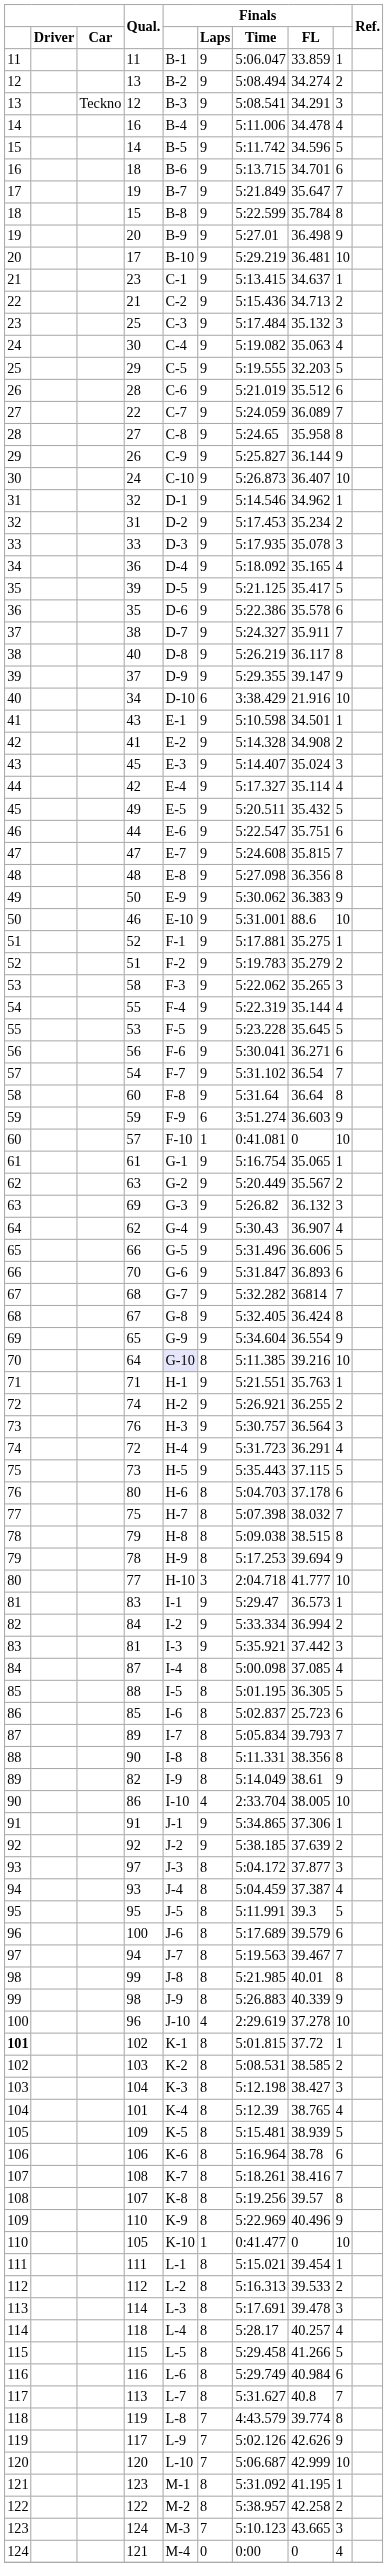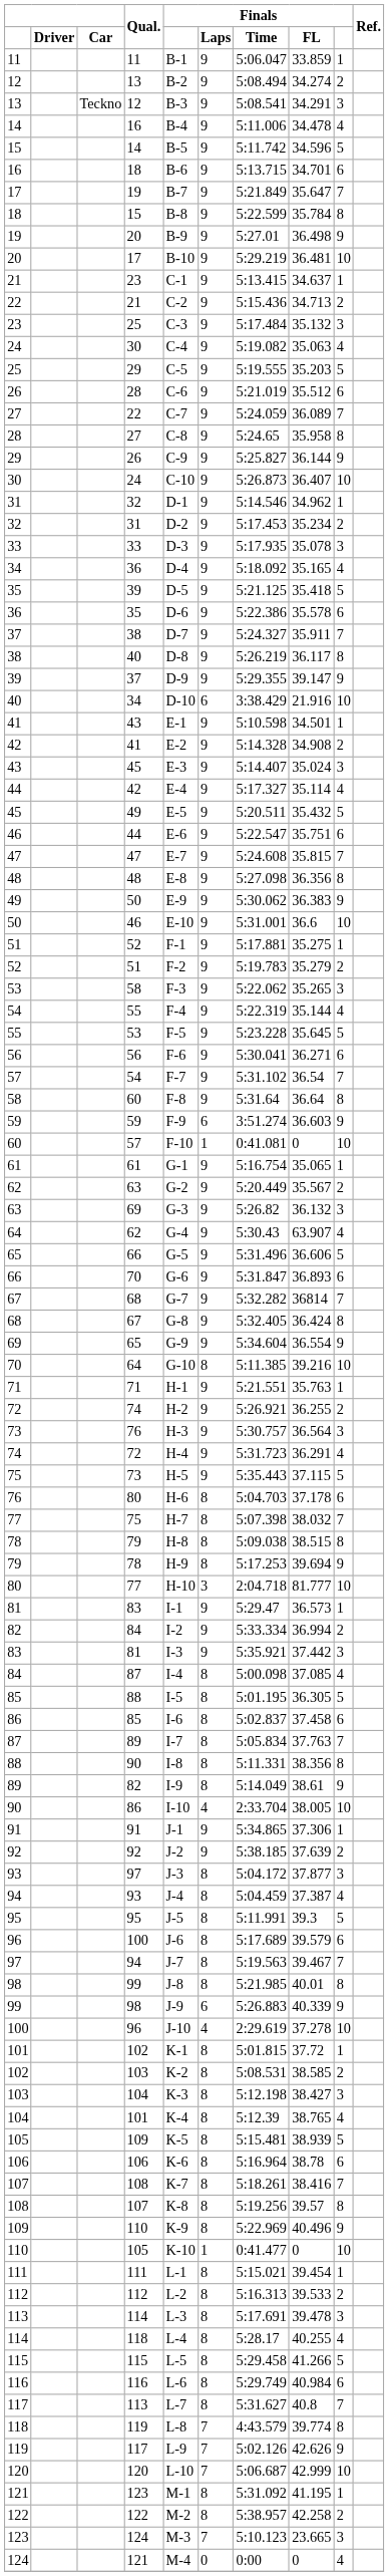 <table border="2" cellpadding="2" cellspacing="0" style="margin:0 1em 0 0; border:1px #aaa solid; border-collapse:collapse; font-size:85%;">
 <tr>
 <th colspan="3"></th>
 <th rowspan="2" style="text-align:center;">Qual.</th>
 <th colspan="5" style="text-align:center;">Finals</th>
 <th rowspan="2" style="text-align:center;">Ref.</th>
 </tr>
 <tr>
 <th style="text-align:center;"></th>
 <th style="text-align:center;">Driver</th>
 <th style="text-align:center;">Car</th>
 <th style="text-align:center;"></th>
 <th style="text-align:center;">Laps</th>
 <th style="text-align:center;">Time</th>
 <th style="text-align:center;">FL</th>
 </tr>
 <tr>
 <td>11</td>
 <td></td>
 <td></td>
 <td>11</td>
 <td>B-1</td>
 <td>9</td>
 <td>5:06.047</td>
 <td>33.859</td>
 <td>1</td>
 <td></td>
 </tr>
 <tr>
 <td>12</td>
 <td></td>
 <td></td>
 <td>13</td>
 <td>B-2</td>
 <td>9</td>
 <td>5:08.494</td>
 <td>34.274</td>
 <td>2</td>
 <td></td>
 </tr>
 <tr>
 <td>13</td>
 <td></td>
 <td>Teckno</td>
 <td>12</td>
 <td>B-3</td>
 <td>9</td>
 <td>5:08.541</td>
 <td>34.291</td>
 <td>3</td>
 <td></td>
 </tr>
 <tr>
 <td>14</td>
 <td></td>
 <td></td>
 <td>16</td>
 <td>B-4</td>
 <td>9</td>
 <td>5:11.006</td>
 <td>34.478</td>
 <td>4</td>
 <td></td>
 </tr>
 <tr>
 <td>15</td>
 <td></td>
 <td></td>
 <td>14</td>
 <td>B-5</td>
 <td>9</td>
 <td>5:11.742</td>
 <td>34.596</td>
 <td>5</td>
 <td></td>
 </tr>
 <tr>
 <td>16</td>
 <td></td>
 <td></td>
 <td>18</td>
 <td>B-6</td>
 <td>9</td>
 <td>5:13.715</td>
 <td>34.701</td>
 <td>6</td>
 <td></td>
 </tr>
 <tr>
 <td>17</td>
 <td></td>
 <td></td>
 <td>19</td>
 <td>B-7</td>
 <td>9</td>
 <td>5:21.849</td>
 <td>35.647</td>
 <td>7</td>
 <td></td>
 </tr>
 <tr>
 <td>18</td>
 <td></td>
 <td></td>
 <td>15</td>
 <td>B-8</td>
 <td>9</td>
 <td>5:22.599</td>
 <td>35.784</td>
 <td>8</td>
 <td></td>
 </tr>
 <tr>
 <td>19</td>
 <td></td>
 <td></td>
 <td>20</td>
 <td>B-9</td>
 <td>9</td>
 <td>5:27.01</td>
 <td>36.498</td>
 <td>9</td>
 <td></td>
 </tr>
 <tr>
 <td>20</td>
 <td></td>
 <td></td>
 <td>17</td>
 <td>B-10</td>
 <td>9</td>
 <td>5:29.219</td>
 <td>36.481</td>
 <td>10</td>
 <td></td>
 </tr>
 <tr>
 <td>21</td>
 <td></td>
 <td></td>
 <td>23</td>
 <td>C-1</td>
 <td>9</td>
 <td>5:13.415</td>
 <td>34.637</td>
 <td>1</td>
 <td></td>
 </tr>
 <tr>
 <td>22</td>
 <td></td>
 <td></td>
 <td>21</td>
 <td>C-2</td>
 <td>9</td>
 <td>5:15.436</td>
 <td>34.713</td>
 <td>2</td>
 <td></td>
 </tr>
 <tr>
 <td>23</td>
 <td></td>
 <td></td>
 <td>25</td>
 <td>C-3</td>
 <td>9</td>
 <td>5:17.484</td>
 <td>35.132</td>
 <td>3</td>
 <td></td>
 </tr>
 <tr>
 <td>24</td>
 <td></td>
 <td></td>
 <td>30</td>
 <td>C-4</td>
 <td>9</td>
 <td>5:19.082</td>
 <td>35.063</td>
 <td>4</td>
 <td></td>
 </tr>
 <tr>
 <td>25</td>
 <td></td>
 <td></td>
 <td>29</td>
 <td>C-5</td>
 <td>9</td>
 <td>5:19.555</td>
-<td>32.203</td>
+<td>35.203</td>
 <td>5</td>
 <td></td>
 </tr>
 <tr>
 <td>26</td>
 <td></td>
 <td></td>
 <td>28</td>
 <td>C-6</td>
 <td>9</td>
 <td>5:21.019</td>
 <td>35.512</td>
 <td>6</td>
 <td></td>
 </tr>
 <tr>
 <td>27</td>
 <td></td>
 <td></td>
 <td>22</td>
 <td>C-7</td>
 <td>9</td>
 <td>5:24.059</td>
 <td>36.089</td>
 <td>7</td>
 <td></td>
 </tr>
 <tr>
 <td>28</td>
 <td></td>
 <td></td>
 <td>27</td>
 <td>C-8</td>
 <td>9</td>
 <td>5:24.65</td>
 <td>35.958</td>
 <td>8</td>
 <td></td>
 </tr>
 <tr>
 <td>29</td>
 <td></td>
 <td></td>
 <td>26</td>
 <td>C-9</td>
 <td>9</td>
 <td>5:25.827</td>
 <td>36.144</td>
 <td>9</td>
 <td></td>
 </tr>
 <tr>
 <td>30</td>
 <td></td>
 <td></td>
 <td>24</td>
 <td>C-10</td>
 <td>9</td>
 <td>5:26.873</td>
 <td>36.407</td>
 <td>10</td>
 <td></td>
 </tr>
 <tr>
 <td>31</td>
 <td></td>
 <td></td>
 <td>32</td>
 <td>D-1</td>
 <td>9</td>
 <td>5:14.546</td>
 <td>34.962</td>
 <td>1</td>
 <td></td>
 </tr>
 <tr>
 <td>32</td>
 <td></td>
 <td></td>
 <td>31</td>
 <td>D-2</td>
 <td>9</td>
 <td>5:17.453</td>
 <td>35.234</td>
 <td>2</td>
 <td></td>
 </tr>
 <tr>
 <td>33</td>
 <td></td>
 <td></td>
 <td>33</td>
 <td>D-3</td>
 <td>9</td>
 <td>5:17.935</td>
 <td>35.078</td>
 <td>3</td>
 <td></td>
 </tr>
 <tr>
 <td>34</td>
 <td></td>
 <td></td>
 <td>36</td>
 <td>D-4</td>
 <td>9</td>
 <td>5:18.092</td>
 <td>35.165</td>
 <td>4</td>
 <td></td>
 </tr>
 <tr>
 <td>35</td>
 <td></td>
 <td></td>
 <td>39</td>
 <td>D-5</td>
 <td>9</td>
 <td>5:21.125</td>
-<td>35.417</td>
+<td>35.418</td>
 <td>5</td>
 <td></td>
 </tr>
 <tr>
 <td>36</td>
 <td></td>
 <td></td>
 <td>35</td>
 <td>D-6</td>
 <td>9</td>
 <td>5:22.386</td>
 <td>35.578</td>
 <td>6</td>
 <td></td>
 </tr>
 <tr>
 <td>37</td>
 <td></td>
 <td></td>
 <td>38</td>
 <td>D-7</td>
 <td>9</td>
 <td>5:24.327</td>
 <td>35.911</td>
 <td>7</td>
 <td></td>
 </tr>
 <tr>
 <td>38</td>
 <td></td>
 <td></td>
 <td>40</td>
 <td>D-8</td>
 <td>9</td>
 <td>5:26.219</td>
 <td>36.117</td>
 <td>8</td>
 <td></td>
 </tr>
 <tr>
 <td>39</td>
 <td></td>
 <td></td>
 <td>37</td>
 <td>D-9</td>
 <td>9</td>
 <td>5:29.355</td>
 <td>39.147</td>
 <td>9</td>
 <td></td>
 </tr>
 <tr>
 <td>40</td>
 <td></td>
 <td></td>
 <td>34</td>
 <td>D-10</td>
 <td>6</td>
 <td>3:38.429</td>
 <td>21.916</td>
 <td>10</td>
 <td></td>
 </tr>
 <tr>
 <td>41</td>
 <td></td>
 <td></td>
 <td>43</td>
 <td>E-1</td>
 <td>9</td>
 <td>5:10.598</td>
 <td>34.501</td>
 <td>1</td>
 <td></td>
 </tr>
 <tr>
 <td>42</td>
 <td></td>
 <td></td>
 <td>41</td>
 <td>E-2</td>
 <td>9</td>
 <td>5:14.328</td>
 <td>34.908</td>
 <td>2</td>
 <td></td>
 </tr>
 <tr>
 <td>43</td>
 <td></td>
 <td></td>
 <td>45</td>
 <td>E-3</td>
 <td>9</td>
 <td>5:14.407</td>
 <td>35.024</td>
 <td>3</td>
 <td></td>
 </tr>
 <tr>
 <td>44</td>
 <td></td>
 <td></td>
 <td>42</td>
 <td>E-4</td>
 <td>9</td>
 <td>5:17.327</td>
 <td>35.114</td>
 <td>4</td>
 <td></td>
 </tr>
 <tr>
 <td>45</td>
 <td></td>
 <td></td>
 <td>49</td>
 <td>E-5</td>
 <td>9</td>
 <td>5:20.511</td>
 <td>35.432</td>
 <td>5</td>
 <td></td>
 </tr>
 <tr>
 <td>46</td>
 <td></td>
 <td></td>
 <td>44</td>
 <td>E-6</td>
 <td>9</td>
 <td>5:22.547</td>
 <td>35.751</td>
 <td>6</td>
 <td></td>
 </tr>
 <tr>
 <td>47</td>
 <td></td>
 <td></td>
 <td>47</td>
 <td>E-7</td>
 <td>9</td>
 <td>5:24.608</td>
 <td>35.815</td>
 <td>7</td>
 <td></td>
 </tr>
 <tr>
 <td>48</td>
 <td></td>
 <td></td>
 <td>48</td>
 <td>E-8</td>
 <td>9</td>
 <td>5:27.098</td>
 <td>36.356</td>
 <td>8</td>
 <td></td>
 </tr>
 <tr>
 <td>49</td>
 <td></td>
 <td></td>
 <td>50</td>
 <td>E-9</td>
 <td>9</td>
 <td>5:30.062</td>
 <td>36.383</td>
 <td>9</td>
 <td></td>
 </tr>
 <tr>
 <td>50</td>
 <td></td>
 <td></td>
 <td>46</td>
 <td>E-10</td>
 <td>9</td>
 <td>5:31.001</td>
-<td>88.6</td>
+<td>36.6</td>
 <td>10</td>
 <td></td>
 </tr>
 <tr>
 <td>51</td>
 <td></td>
 <td></td>
 <td>52</td>
 <td>F-1</td>
 <td>9</td>
 <td>5:17.881</td>
 <td>35.275</td>
 <td>1</td>
 <td></td>
 </tr>
 <tr>
 <td>52</td>
 <td></td>
 <td></td>
 <td>51</td>
 <td>F-2</td>
 <td>9</td>
 <td>5:19.783</td>
 <td>35.279</td>
 <td>2</td>
 <td></td>
 </tr>
 <tr>
 <td>53</td>
 <td></td>
 <td></td>
 <td>58</td>
 <td>F-3</td>
 <td>9</td>
 <td>5:22.062</td>
 <td>35.265</td>
 <td>3</td>
 <td></td>
 </tr>
 <tr>
 <td>54</td>
 <td></td>
 <td></td>
 <td>55</td>
 <td>F-4</td>
 <td>9</td>
 <td>5:22.319</td>
 <td>35.144</td>
 <td>4</td>
 <td></td>
 </tr>
 <tr>
 <td>55</td>
 <td></td>
 <td></td>
 <td>53</td>
 <td>F-5</td>
 <td>9</td>
 <td>5:23.228</td>
 <td>35.645</td>
 <td>5</td>
 <td></td>
 </tr>
 <tr>
 <td>56</td>
 <td></td>
 <td></td>
 <td>56</td>
 <td>F-6</td>
 <td>9</td>
 <td>5:30.041</td>
 <td>36.271</td>
 <td>6</td>
 <td></td>
 </tr>
 <tr>
 <td>57</td>
 <td></td>
 <td></td>
 <td>54</td>
 <td>F-7</td>
 <td>9</td>
 <td>5:31.102</td>
 <td>36.54</td>
 <td>7</td>
 <td></td>
 </tr>
 <tr>
 <td>58</td>
 <td></td>
 <td></td>
 <td>60</td>
 <td>F-8</td>
 <td>9</td>
 <td>5:31.64</td>
 <td>36.64</td>
 <td>8</td>
 <td></td>
 </tr>
 <tr>
 <td>59</td>
 <td></td>
 <td></td>
 <td>59</td>
 <td>F-9</td>
 <td>6</td>
 <td>3:51.274</td>
 <td>36.603</td>
 <td>9</td>
 <td></td>
 </tr>
 <tr>
 <td>60</td>
 <td></td>
 <td></td>
 <td>57</td>
 <td>F-10</td>
 <td>1</td>
 <td>0:41.081</td>
 <td>0</td>
 <td>10</td>
 <td></td>
 </tr>
 <tr>
 <td>61</td>
 <td></td>
 <td></td>
 <td>61</td>
 <td>G-1</td>
 <td>9</td>
 <td>5:16.754</td>
 <td>35.065</td>
 <td>1</td>
 <td></td>
 </tr>
 <tr>
 <td>62</td>
 <td></td>
 <td></td>
 <td>63</td>
 <td>G-2</td>
 <td>9</td>
 <td>5:20.449</td>
 <td>35.567</td>
 <td>2</td>
 <td></td>
 </tr>
 <tr>
 <td>63</td>
 <td></td>
 <td></td>
 <td>69</td>
 <td>G-3</td>
 <td>9</td>
 <td>5:26.82</td>
 <td>36.132</td>
 <td>3</td>
 <td></td>
 </tr>
 <tr>
 <td>64</td>
 <td></td>
 <td></td>
 <td>62</td>
 <td>G-4</td>
 <td>9</td>
 <td>5:30.43</td>
-<td>36.907</td>
+<td>63.907</td>
 <td>4</td>
 <td></td>
 </tr>
 <tr>
 <td>65</td>
 <td></td>
 <td></td>
 <td>66</td>
 <td>G-5</td>
 <td>9</td>
 <td>5:31.496</td>
 <td>36.606</td>
 <td>5</td>
 <td></td>
 </tr>
 <tr>
 <td>66</td>
 <td></td>
 <td></td>
 <td>70</td>
 <td>G-6</td>
 <td>9</td>
 <td>5:31.847</td>
 <td>36.893</td>
 <td>6</td>
 <td></td>
 </tr>
 <tr>
 <td>67</td>
 <td></td>
 <td></td>
 <td>68</td>
 <td>G-7</td>
 <td>9</td>
 <td>5:32.282</td>
 <td>36814</td>
 <td>7</td>
 <td></td>
 </tr>
 <tr>
 <td>68</td>
 <td></td>
 <td></td>
 <td>67</td>
 <td>G-8</td>
 <td>9</td>
 <td>5:32.405</td>
 <td>36.424</td>
 <td>8</td>
 <td></td>
 </tr>
 <tr>
 <td>69</td>
 <td></td>
 <td></td>
 <td>65</td>
 <td>G-9</td>
 <td>9</td>
 <td>5:34.604</td>
 <td>36.554</td>
 <td>9</td>
 <td></td>
 </tr>
 <tr>
 <td>70</td>
 <td></td>
 <td></td>
 <td>64</td>
-<td style="background: lavender;">G-10</td>
+<td>G-10</td>
 <td>8</td>
 <td>5:11.385</td>
 <td>39.216</td>
 <td>10</td>
 <td></td>
 </tr>
 <tr>
 <td>71</td>
 <td></td>
 <td></td>
 <td>71</td>
 <td>H-1</td>
 <td>9</td>
 <td>5:21.551</td>
 <td>35.763</td>
 <td>1</td>
 <td></td>
 </tr>
 <tr>
 <td>72</td>
 <td></td>
 <td></td>
 <td>74</td>
 <td>H-2</td>
 <td>9</td>
 <td>5:26.921</td>
 <td>36.255</td>
 <td>2</td>
 <td></td>
 </tr>
 <tr>
 <td>73</td>
 <td></td>
 <td></td>
 <td>76</td>
 <td>H-3</td>
 <td>9</td>
 <td>5:30.757</td>
 <td>36.564</td>
 <td>3</td>
 <td></td>
 </tr>
 <tr>
 <td>74</td>
 <td></td>
 <td></td>
 <td>72</td>
 <td>H-4</td>
 <td>9</td>
 <td>5:31.723</td>
 <td>36.291</td>
 <td>4</td>
 <td></td>
 </tr>
 <tr>
 <td>75</td>
 <td></td>
 <td></td>
 <td>73</td>
 <td>H-5</td>
 <td>9</td>
 <td>5:35.443</td>
 <td>37.115</td>
 <td>5</td>
 <td></td>
 </tr>
 <tr>
 <td>76</td>
 <td></td>
 <td></td>
 <td>80</td>
 <td>H-6</td>
 <td>8</td>
 <td>5:04.703</td>
 <td>37.178</td>
 <td>6</td>
 <td></td>
 </tr>
 <tr>
 <td>77</td>
 <td></td>
 <td></td>
 <td>75</td>
 <td>H-7</td>
 <td>8</td>
 <td>5:07.398</td>
 <td>38.032</td>
 <td>7</td>
 <td></td>
 </tr>
 <tr>
 <td>78</td>
 <td></td>
 <td></td>
 <td>79</td>
 <td>H-8</td>
 <td>8</td>
 <td>5:09.038</td>
 <td>38.515</td>
 <td>8</td>
 <td></td>
 </tr>
 <tr>
 <td>79</td>
 <td></td>
 <td></td>
 <td>78</td>
 <td>H-9</td>
 <td>8</td>
 <td>5:17.253</td>
 <td>39.694</td>
 <td>9</td>
 <td></td>
 </tr>
 <tr>
 <td>80</td>
 <td></td>
 <td></td>
 <td>77</td>
 <td>H-10</td>
 <td>3</td>
 <td>2:04.718</td>
-<td>41.777</td>
+<td>81.777</td>
 <td>10</td>
 <td></td>
 </tr>
 <tr>
 <td>81</td>
 <td></td>
 <td></td>
 <td>83</td>
 <td>I-1</td>
 <td>9</td>
 <td>5:29.47</td>
 <td>36.573</td>
 <td>1</td>
 <td></td>
 </tr>
 <tr>
 <td>82</td>
 <td></td>
 <td></td>
 <td>84</td>
 <td>I-2</td>
 <td>9</td>
 <td>5:33.334</td>
 <td>36.994</td>
 <td>2</td>
 <td></td>
 </tr>
 <tr>
 <td>83</td>
 <td></td>
 <td></td>
 <td>81</td>
 <td>I-3</td>
 <td>9</td>
 <td>5:35.921</td>
 <td>37.442</td>
 <td>3</td>
 <td></td>
 </tr>
 <tr>
 <td>84</td>
 <td></td>
 <td></td>
 <td>87</td>
 <td>I-4</td>
 <td>8</td>
 <td>5:00.098</td>
 <td>37.085</td>
 <td>4</td>
 <td></td>
 </tr>
 <tr>
 <td>85</td>
 <td></td>
 <td></td>
 <td>88</td>
 <td>I-5</td>
 <td>8</td>
 <td>5:01.195</td>
 <td>36.305</td>
 <td>5</td>
 <td></td>
 </tr>
 <tr>
 <td>86</td>
 <td></td>
 <td></td>
 <td>85</td>
 <td>I-6</td>
 <td>8</td>
 <td>5:02.837</td>
-<td>25.723</td>
+<td>37.458</td>
 <td>6</td>
 <td></td>
 </tr>
 <tr>
 <td>87</td>
 <td></td>
 <td></td>
 <td>89</td>
 <td>I-7</td>
 <td>8</td>
 <td>5:05.834</td>
-<td>39.793</td>
+<td>37.763</td>
 <td>7</td>
 <td></td>
 </tr>
 <tr>
 <td>88</td>
 <td></td>
 <td></td>
 <td>90</td>
 <td>I-8</td>
 <td>8</td>
 <td>5:11.331</td>
 <td>38.356</td>
 <td>8</td>
 <td></td>
 </tr>
 <tr>
 <td>89</td>
 <td></td>
 <td></td>
 <td>82</td>
 <td>I-9</td>
 <td>8</td>
 <td>5:14.049</td>
 <td>38.61</td>
 <td>9</td>
 <td></td>
 </tr>
 <tr>
 <td>90</td>
 <td></td>
 <td></td>
 <td>86</td>
 <td>I-10</td>
 <td>4</td>
 <td>2:33.704</td>
 <td>38.005</td>
 <td>10</td>
 <td></td>
 </tr>
 <tr>
 <td>91</td>
 <td></td>
 <td></td>
 <td>91</td>
 <td>J-1</td>
 <td>9</td>
 <td>5:34.865</td>
 <td>37.306</td>
 <td>1</td>
 <td></td>
 </tr>
 <tr>
 <td>92</td>
 <td></td>
 <td></td>
 <td>92</td>
 <td>J-2</td>
 <td>9</td>
 <td>5:38.185</td>
 <td>37.639</td>
 <td>2</td>
 <td></td>
 </tr>
 <tr>
 <td>93</td>
 <td></td>
 <td></td>
 <td>97</td>
 <td>J-3</td>
 <td>8</td>
 <td>5:04.172</td>
 <td>37.877</td>
 <td>3</td>
 <td></td>
 </tr>
 <tr>
 <td>94</td>
 <td></td>
 <td></td>
 <td>93</td>
 <td>J-4</td>
 <td>8</td>
 <td>5:04.459</td>
 <td>37.387</td>
 <td>4</td>
 <td></td>
 </tr>
 <tr>
 <td>95</td>
 <td></td>
 <td></td>
 <td>95</td>
 <td>J-5</td>
 <td>8</td>
 <td>5:11.991</td>
 <td>39.3</td>
 <td>5</td>
 <td></td>
 </tr>
 <tr>
 <td>96</td>
 <td></td>
 <td></td>
 <td>100</td>
 <td>J-6</td>
 <td>8</td>
 <td>5:17.689</td>
 <td>39.579</td>
 <td>6</td>
 <td></td>
 </tr>
 <tr>
 <td>97</td>
 <td></td>
 <td></td>
 <td>94</td>
 <td>J-7</td>
 <td>8</td>
 <td>5:19.563</td>
 <td>39.467</td>
 <td>7</td>
 <td></td>
 </tr>
 <tr>
 <td>98</td>
 <td></td>
 <td></td>
 <td>99</td>
 <td>J-8</td>
 <td>8</td>
 <td>5:21.985</td>
 <td>40.01</td>
 <td>8</td>
 <td></td>
 </tr>
 <tr>
 <td>99</td>
 <td></td>
 <td></td>
 <td>98</td>
 <td>J-9</td>
-<td>8</td>
+<td>6</td>
 <td>5:26.883</td>
 <td>40.339</td>
 <td>9</td>
 <td></td>
 </tr>
 <tr>
 <td>100</td>
 <td></td>
 <td></td>
 <td>96</td>
 <td>J-10</td>
 <td>4</td>
 <td>2:29.619</td>
 <td>37.278</td>
 <td>10</td>
 <td></td>
 </tr>
 <tr>
-<td><strong>101</strong></td>
+<td>101</td>
 <td></td>
 <td></td>
 <td>102</td>
 <td>K-1</td>
 <td>8</td>
 <td>5:01.815</td>
 <td>37.72</td>
 <td>1</td>
 <td></td>
 </tr>
 <tr>
 <td>102</td>
 <td></td>
 <td></td>
 <td>103</td>
 <td>K-2</td>
 <td>8</td>
 <td>5:08.531</td>
 <td>38.585</td>
 <td>2</td>
 <td></td>
 </tr>
 <tr>
 <td>103</td>
 <td></td>
 <td></td>
 <td>104</td>
 <td>K-3</td>
 <td>8</td>
 <td>5:12.198</td>
 <td>38.427</td>
 <td>3</td>
 <td></td>
 </tr>
 <tr>
 <td>104</td>
 <td></td>
 <td></td>
 <td>101</td>
 <td>K-4</td>
 <td>8</td>
 <td>5:12.39</td>
 <td>38.765</td>
 <td>4</td>
 <td></td>
 </tr>
 <tr>
 <td>105</td>
 <td></td>
 <td></td>
 <td>109</td>
 <td>K-5</td>
 <td>8</td>
 <td>5:15.481</td>
 <td>38.939</td>
 <td>5</td>
 <td></td>
 </tr>
 <tr>
 <td>106</td>
 <td></td>
 <td></td>
 <td>106</td>
 <td>K-6</td>
 <td>8</td>
 <td>5:16.964</td>
 <td>38.78</td>
 <td>6</td>
 <td></td>
 </tr>
 <tr>
 <td>107</td>
 <td></td>
 <td></td>
 <td>108</td>
 <td>K-7</td>
 <td>8</td>
 <td>5:18.261</td>
 <td>38.416</td>
 <td>7</td>
 <td></td>
 </tr>
 <tr>
 <td>108</td>
 <td></td>
 <td></td>
 <td>107</td>
 <td>K-8</td>
 <td>8</td>
 <td>5:19.256</td>
 <td>39.57</td>
 <td>8</td>
 <td></td>
 </tr>
 <tr>
 <td>109</td>
 <td></td>
 <td></td>
 <td>110</td>
 <td>K-9</td>
 <td>8</td>
 <td>5:22.969</td>
 <td>40.496</td>
 <td>9</td>
 <td></td>
 </tr>
 <tr>
 <td>110</td>
 <td></td>
 <td></td>
 <td>105</td>
 <td>K-10</td>
 <td>1</td>
 <td>0:41.477</td>
 <td>0</td>
 <td>10</td>
 <td></td>
 </tr>
 <tr>
 <td>111</td>
 <td></td>
 <td></td>
 <td>111</td>
 <td>L-1</td>
 <td>8</td>
 <td>5:15.021</td>
 <td>39.454</td>
 <td>1</td>
 <td></td>
 </tr>
 <tr>
 <td>112</td>
 <td></td>
 <td></td>
 <td>112</td>
 <td>L-2</td>
 <td>8</td>
 <td>5:16.313</td>
 <td>39.533</td>
 <td>2</td>
 <td></td>
 </tr>
 <tr>
 <td>113</td>
 <td></td>
 <td></td>
 <td>114</td>
 <td>L-3</td>
 <td>8</td>
 <td>5:17.691</td>
 <td>39.478</td>
 <td>3</td>
 <td></td>
 </tr>
 <tr>
 <td>114</td>
 <td></td>
 <td></td>
 <td>118</td>
 <td>L-4</td>
 <td>8</td>
 <td>5:28.17</td>
-<td>40.257</td>
+<td>40.255</td>
 <td>4</td>
 <td></td>
 </tr>
 <tr>
 <td>115</td>
 <td></td>
 <td></td>
 <td>115</td>
 <td>L-5</td>
 <td>8</td>
 <td>5:29.458</td>
 <td>41.266</td>
 <td>5</td>
 <td></td>
 </tr>
 <tr>
 <td>116</td>
 <td></td>
 <td></td>
 <td>116</td>
 <td>L-6</td>
 <td>8</td>
 <td>5:29.749</td>
 <td>40.984</td>
 <td>6</td>
 <td></td>
 </tr>
 <tr>
 <td>117</td>
 <td></td>
 <td></td>
 <td>113</td>
 <td>L-7</td>
 <td>8</td>
 <td>5:31.627</td>
 <td>40.8</td>
 <td>7</td>
 <td></td>
 </tr>
 <tr>
 <td>118</td>
 <td></td>
 <td></td>
 <td>119</td>
 <td>L-8</td>
 <td>7</td>
 <td>4:43.579</td>
 <td>39.774</td>
 <td>8</td>
 <td></td>
 </tr>
 <tr>
 <td>119</td>
 <td></td>
 <td></td>
 <td>117</td>
 <td>L-9</td>
 <td>7</td>
 <td>5:02.126</td>
 <td>42.626</td>
 <td>9</td>
 <td></td>
 </tr>
 <tr>
 <td>120</td>
 <td></td>
 <td></td>
 <td>120</td>
 <td>L-10</td>
 <td>7</td>
 <td>5:06.687</td>
 <td>42.999</td>
 <td>10</td>
 <td></td>
 </tr>
 <tr>
 <td>121</td>
 <td></td>
 <td></td>
 <td>123</td>
 <td>M-1</td>
 <td>8</td>
 <td>5:31.092</td>
 <td>41.195</td>
 <td>1</td>
 <td></td>
 </tr>
 <tr>
 <td>122</td>
 <td></td>
 <td></td>
 <td>122</td>
 <td>M-2</td>
 <td>8</td>
 <td>5:38.957</td>
 <td>42.258</td>
 <td>2</td>
 <td></td>
 </tr>
 <tr>
 <td>123</td>
 <td></td>
 <td></td>
 <td>124</td>
 <td>M-3</td>
 <td>7</td>
 <td>5:10.123</td>
-<td>43.665</td>
+<td>23.665</td>
 <td>3</td>
 <td></td>
 </tr>
 <tr>
 <td>124</td>
 <td></td>
 <td></td>
 <td>121</td>
 <td>M-4</td>
 <td>0</td>
 <td>0:00</td>
 <td>0</td>
 <td>4</td>
 <td></td>
 </tr>
 <tr>
 </tr>
 </table>
